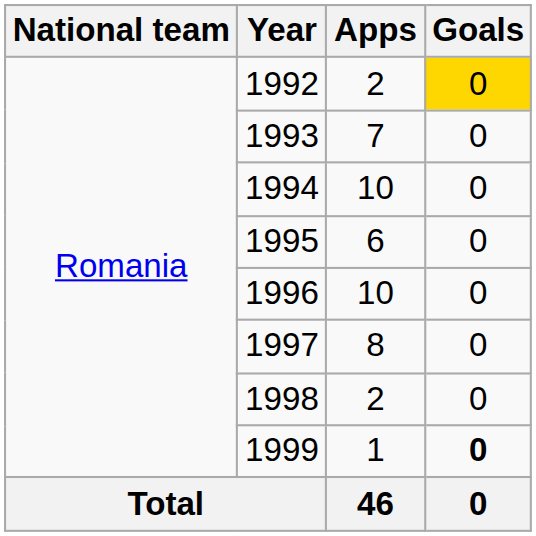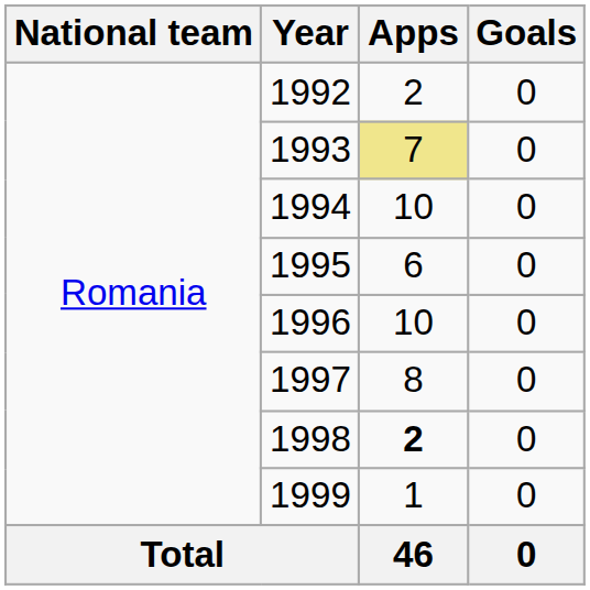 <table class="wikitable" style="text-align:center">
 <tr>
 <th>National team</th>
 <th>Year</th>
 <th>Apps</th>
 <th>Goals</th>
 </tr>
 <tr>
 <td rowspan="8"><a href='#'>Romania</a></td>
 <td>1992</td>
 <td>2</td>
-<td style="background: gold;">0</td>
+<td>0</td>
 </tr>
 <tr>
 <td>1993</td>
-<td>7</td>
+<td style="background: khaki;">7</td>
 <td>0</td>
 </tr>
 <tr>
 <td>1994</td>
 <td>10</td>
 <td>0</td>
 </tr>
 <tr>
 <td>1995</td>
 <td>6</td>
 <td>0</td>
 </tr>
 <tr>
 <td>1996</td>
 <td>10</td>
 <td>0</td>
 </tr>
 <tr>
 <td>1997</td>
 <td>8</td>
 <td>0</td>
 </tr>
 <tr>
 <td>1998</td>
-<td>2</td>
+<td><strong>2</strong></td>
 <td>0</td>
 </tr>
 <tr>
 <td>1999</td>
 <td>1</td>
-<td><strong>0</strong></td>
+<td>0</td>
 </tr>
 <tr>
 <th colspan="2">Total</th>
 <th>46</th>
 <th>0</th>
 </tr>
 </table>
